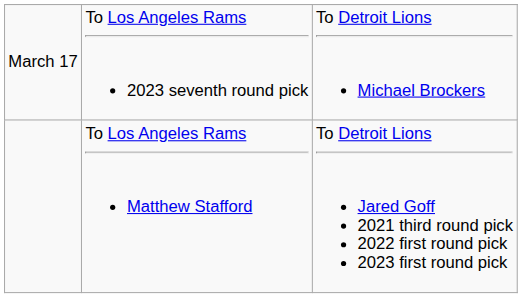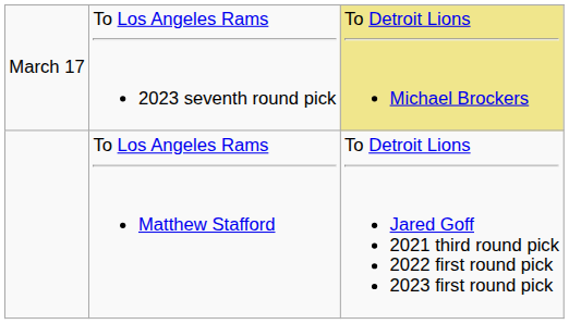 <table class="wikitable" style="text-align:center">
 <tr>
 </tr>
 <tr>
 <td>March 17</td>
 <td align=left valign=top>To <a href='#'>Los Angeles Rams</a><hr><br><ul><li>2023 seventh round pick</li></ul></td>
-<td align=left valign=top>To <a href='#'>Detroit Lions</a><hr><br><ul><li><a href='#'>Michael Brockers</a></li></ul></td>
+<td align=left valign=top style="background: khaki;">To <a href='#'>Detroit Lions</a><hr><br><ul><li><a href='#'>Michael Brockers</a></li></ul></td>
 </tr>
 <tr>
 <td></td>
 <td align=left valign=top>To <a href='#'>Los Angeles Rams</a><hr><br><ul><li><a href='#'>Matthew Stafford</a></li></ul></td>
 <td align=left valign=top>To <a href='#'>Detroit Lions</a><hr><br><ul><li><a href='#'>Jared Goff</a></li><li>2021 third round pick</li><li>2022 first round pick</li><li>2023 first round pick</li></ul></td>
 </tr>
 </table>
